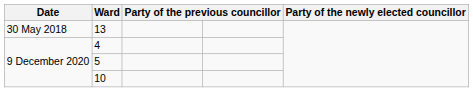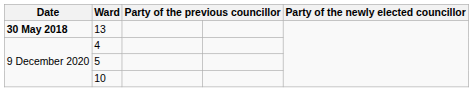 <table class="wikitable">
 <tr>
 <th>Date</th>
 <th>Ward</th>
 <th colspan=2>Party of the previous councillor</th>
 <th colspan=2>Party of the newly elected councillor</th>
 </tr>
 <tr>
-<td>30 May 2018</td>
+<td><strong>30 May 2018</strong></td>
 <td>13</td>
 <td></td>
 <td></td>
 </tr>
 <tr>
 <td rowspan=3>9 December 2020</td>
 <td>4</td>
 <td></td>
 <td></td>
 </tr>
 <tr>
 <td>5</td>
 <td></td>
 <td></td>
 </tr>
 <tr>
 <td>10</td>
 <td></td>
 <td></td>
 </tr>
 </table>
